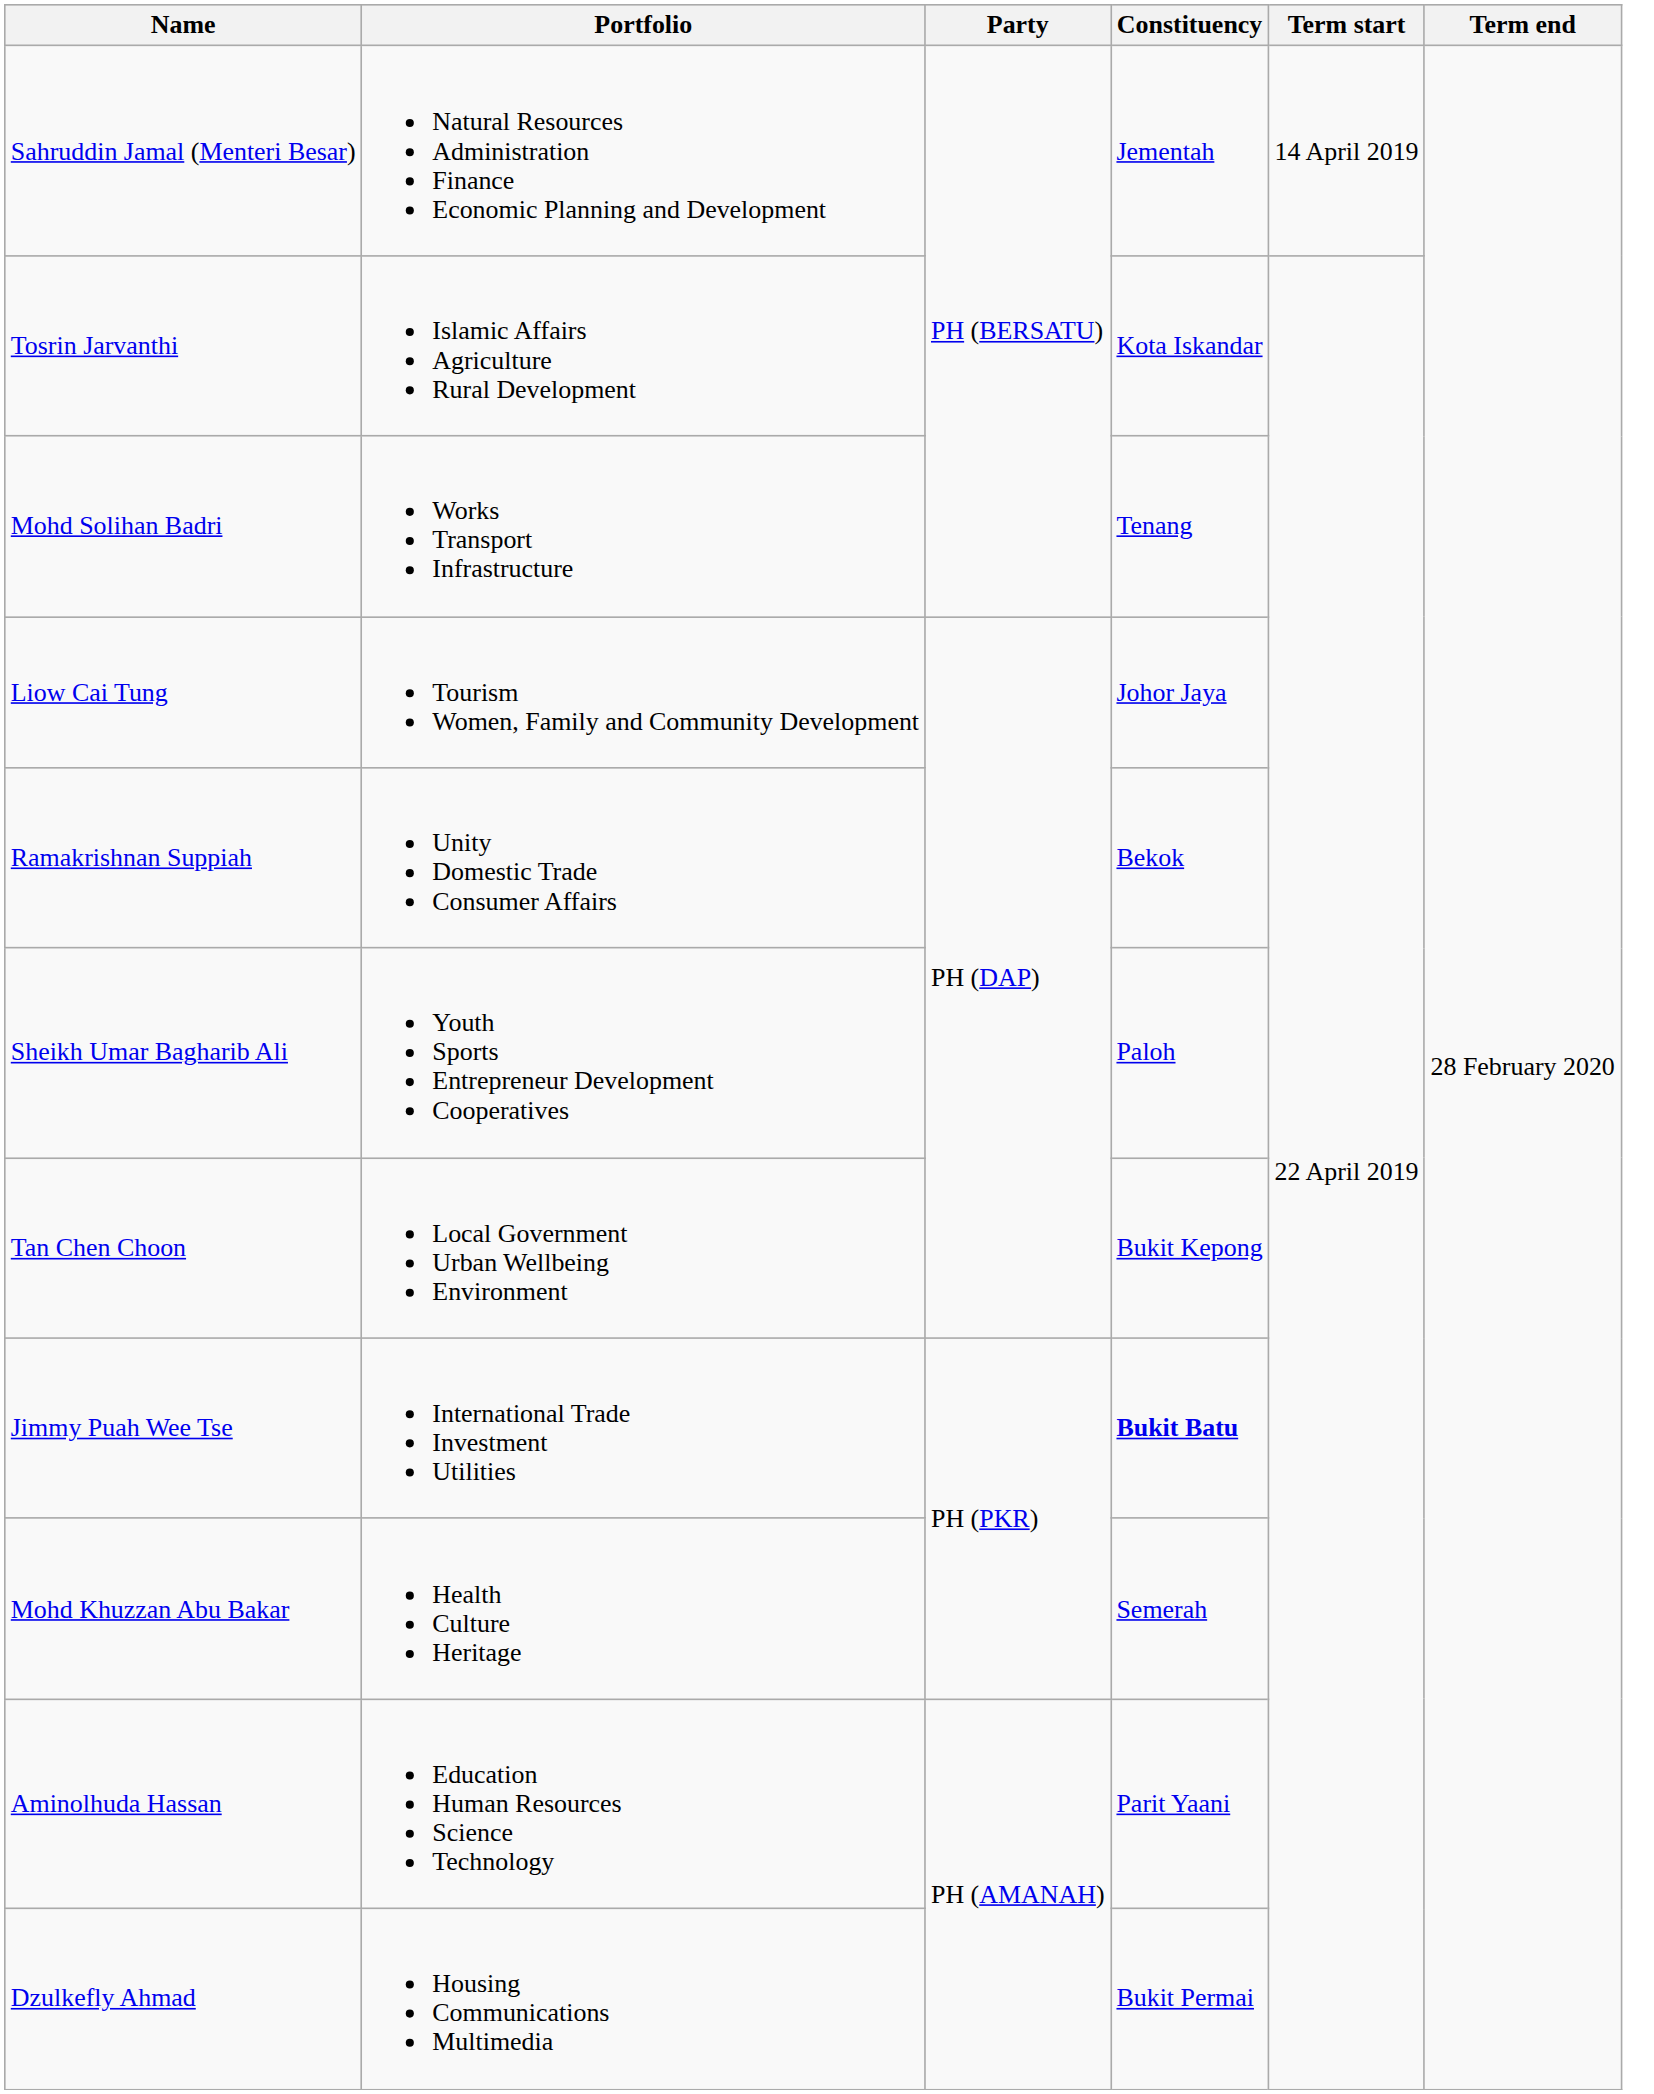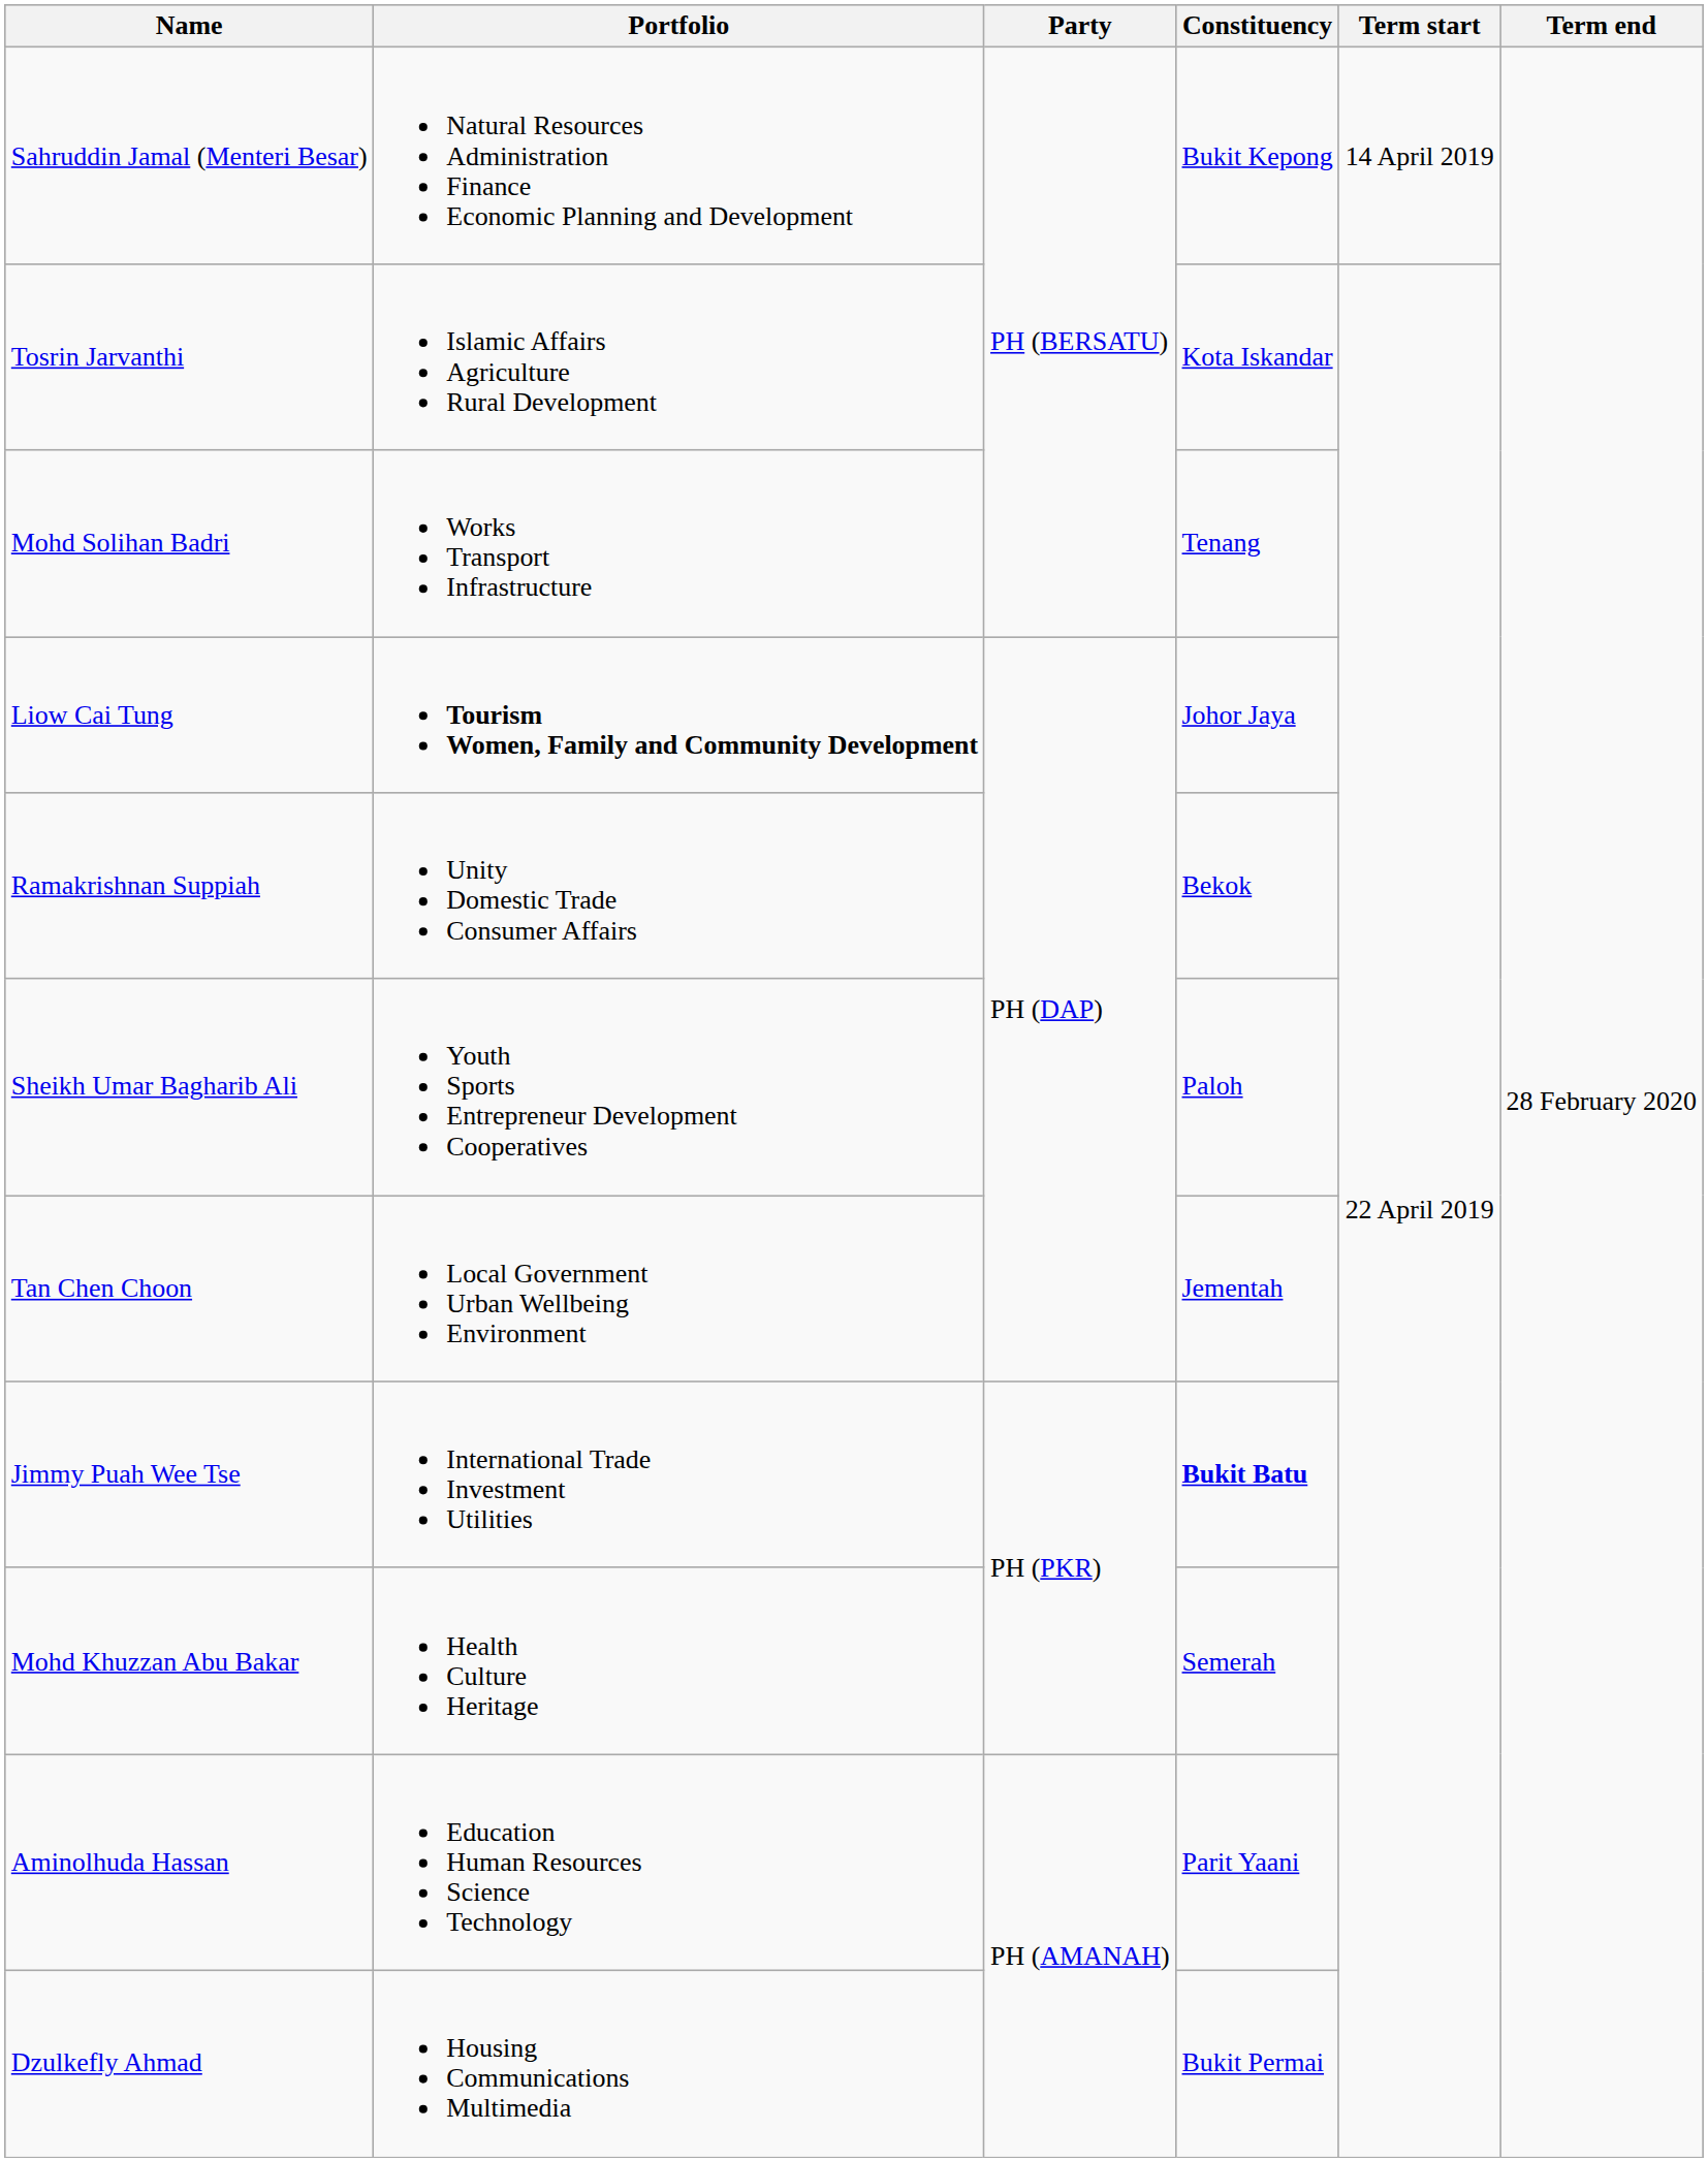 <table class="wikitable">
 <tr>
 <th>Name</th>
 <th>Portfolio</th>
 <th>Party</th>
 <th>Constituency</th>
 <th>Term start</th>
 <th>Term end</th>
 </tr>
 <tr>
 <td><a href='#'>Sahruddin Jamal</a> (<a href='#'>Menteri Besar</a>)</td>
 <td><br><ul><li>Natural Resources</li><li>Administration</li><li>Finance</li><li>Economic Planning and Development</li></ul></td>
 <td rowspan="3"><a href='#'>PH</a> (<a href='#'>BERSATU</a>)</td>
-<td><a href='#'>Jementah</a></td>
+<td><a href='#'>Bukit Kepong</a></td>
 <td>14 April 2019</td>
 <td rowspan="11">28 February 2020</td>
 </tr>
 <tr>
 <td><a href='#'>Tosrin Jarvanthi</a></td>
 <td><br><ul><li>Islamic Affairs</li><li>Agriculture</li><li>Rural Development</li></ul></td>
 <td><a href='#'>Kota Iskandar</a></td>
 <td rowspan="10">22 April 2019</td>
 </tr>
 <tr>
 <td><a href='#'>Mohd Solihan Badri</a></td>
 <td><br><ul><li>Works</li><li>Transport</li><li>Infrastructure</li></ul></td>
 <td><a href='#'>Tenang</a></td>
 </tr>
 <tr>
 <td><a href='#'>Liow Cai Tung</a></td>
-<td><br><ul><li>Tourism</li><li>Women, Family and Community Development</li></ul></td>
+<td><strong><br><ul><li>Tourism</li><li>Women, Family and Community Development</li></ul></strong></td>
 <td rowspan="4">PH (<a href='#'>DAP</a>)</td>
 <td><a href='#'>Johor Jaya</a></td>
 </tr>
 <tr>
 <td><a href='#'>Ramakrishnan Suppiah</a></td>
 <td><br><ul><li>Unity</li><li>Domestic Trade</li><li>Consumer Affairs</li></ul></td>
 <td><a href='#'>Bekok</a></td>
 </tr>
 <tr>
 <td><a href='#'>Sheikh Umar Bagharib Ali</a></td>
 <td><br><ul><li>Youth</li><li>Sports</li><li>Entrepreneur Development</li><li>Cooperatives</li></ul></td>
 <td><a href='#'>Paloh</a></td>
 </tr>
 <tr>
 <td><a href='#'>Tan Chen Choon</a></td>
 <td><br><ul><li>Local Government</li><li>Urban Wellbeing</li><li>Environment</li></ul></td>
-<td><a href='#'>Bukit Kepong</a></td>
+<td><a href='#'>Jementah</a></td>
 </tr>
 <tr>
 <td><a href='#'>Jimmy Puah Wee Tse</a></td>
 <td><br><ul><li>International Trade</li><li>Investment</li><li>Utilities</li></ul></td>
 <td rowspan="2">PH (<a href='#'>PKR</a>)</td>
 <td><strong><a href='#'>Bukit Batu</a></strong></td>
 </tr>
 <tr>
 <td><a href='#'>Mohd Khuzzan Abu Bakar</a></td>
 <td><br><ul><li>Health</li><li>Culture</li><li>Heritage</li></ul></td>
 <td><a href='#'>Semerah</a></td>
 </tr>
 <tr>
 <td><a href='#'>Aminolhuda Hassan</a></td>
 <td><br><ul><li>Education</li><li>Human Resources</li><li>Science</li><li>Technology</li></ul></td>
 <td rowspan="2">PH (<a href='#'>AMANAH</a>)</td>
 <td><a href='#'>Parit Yaani</a></td>
 </tr>
 <tr>
 <td><a href='#'>Dzulkefly Ahmad</a></td>
 <td><br><ul><li>Housing</li><li>Communications</li><li>Multimedia</li></ul></td>
 <td><a href='#'>Bukit Permai</a></td>
 </tr>
 </table>
